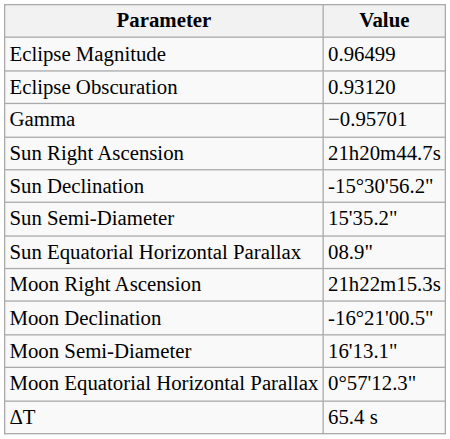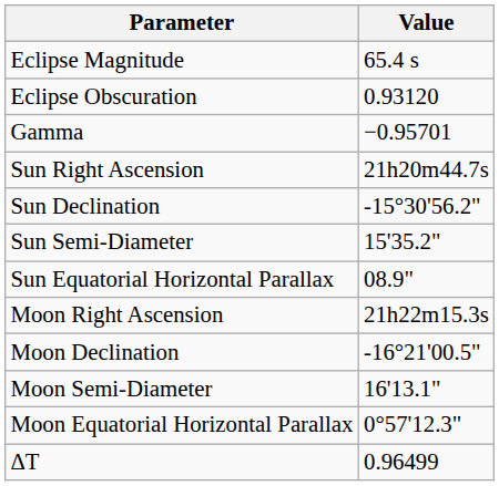 <table class="wikitable">
 <tr>
 <th>Parameter</th>
 <th>Value</th>
 </tr>
 <tr>
 <td>Eclipse Magnitude</td>
-<td>0.96499</td>
+<td>65.4 s</td>
 </tr>
 <tr>
 <td>Eclipse Obscuration</td>
 <td>0.93120</td>
 </tr>
 <tr>
 <td>Gamma</td>
 <td>−0.95701</td>
 </tr>
 <tr>
 <td>Sun Right Ascension</td>
 <td>21h20m44.7s</td>
 </tr>
 <tr>
 <td>Sun Declination</td>
 <td>-15°30'56.2"</td>
 </tr>
 <tr>
 <td>Sun Semi-Diameter</td>
 <td>15'35.2"</td>
 </tr>
 <tr>
 <td>Sun Equatorial Horizontal Parallax</td>
 <td>08.9"</td>
 </tr>
 <tr>
 <td>Moon Right Ascension</td>
 <td>21h22m15.3s</td>
 </tr>
 <tr>
 <td>Moon Declination</td>
 <td>-16°21'00.5"</td>
 </tr>
 <tr>
 <td>Moon Semi-Diameter</td>
 <td>16'13.1"</td>
 </tr>
 <tr>
 <td>Moon Equatorial Horizontal Parallax</td>
 <td>0°57'12.3"</td>
 </tr>
 <tr>
 <td>ΔT</td>
-<td>65.4 s</td>
+<td>0.96499</td>
 </tr>
 </table>
